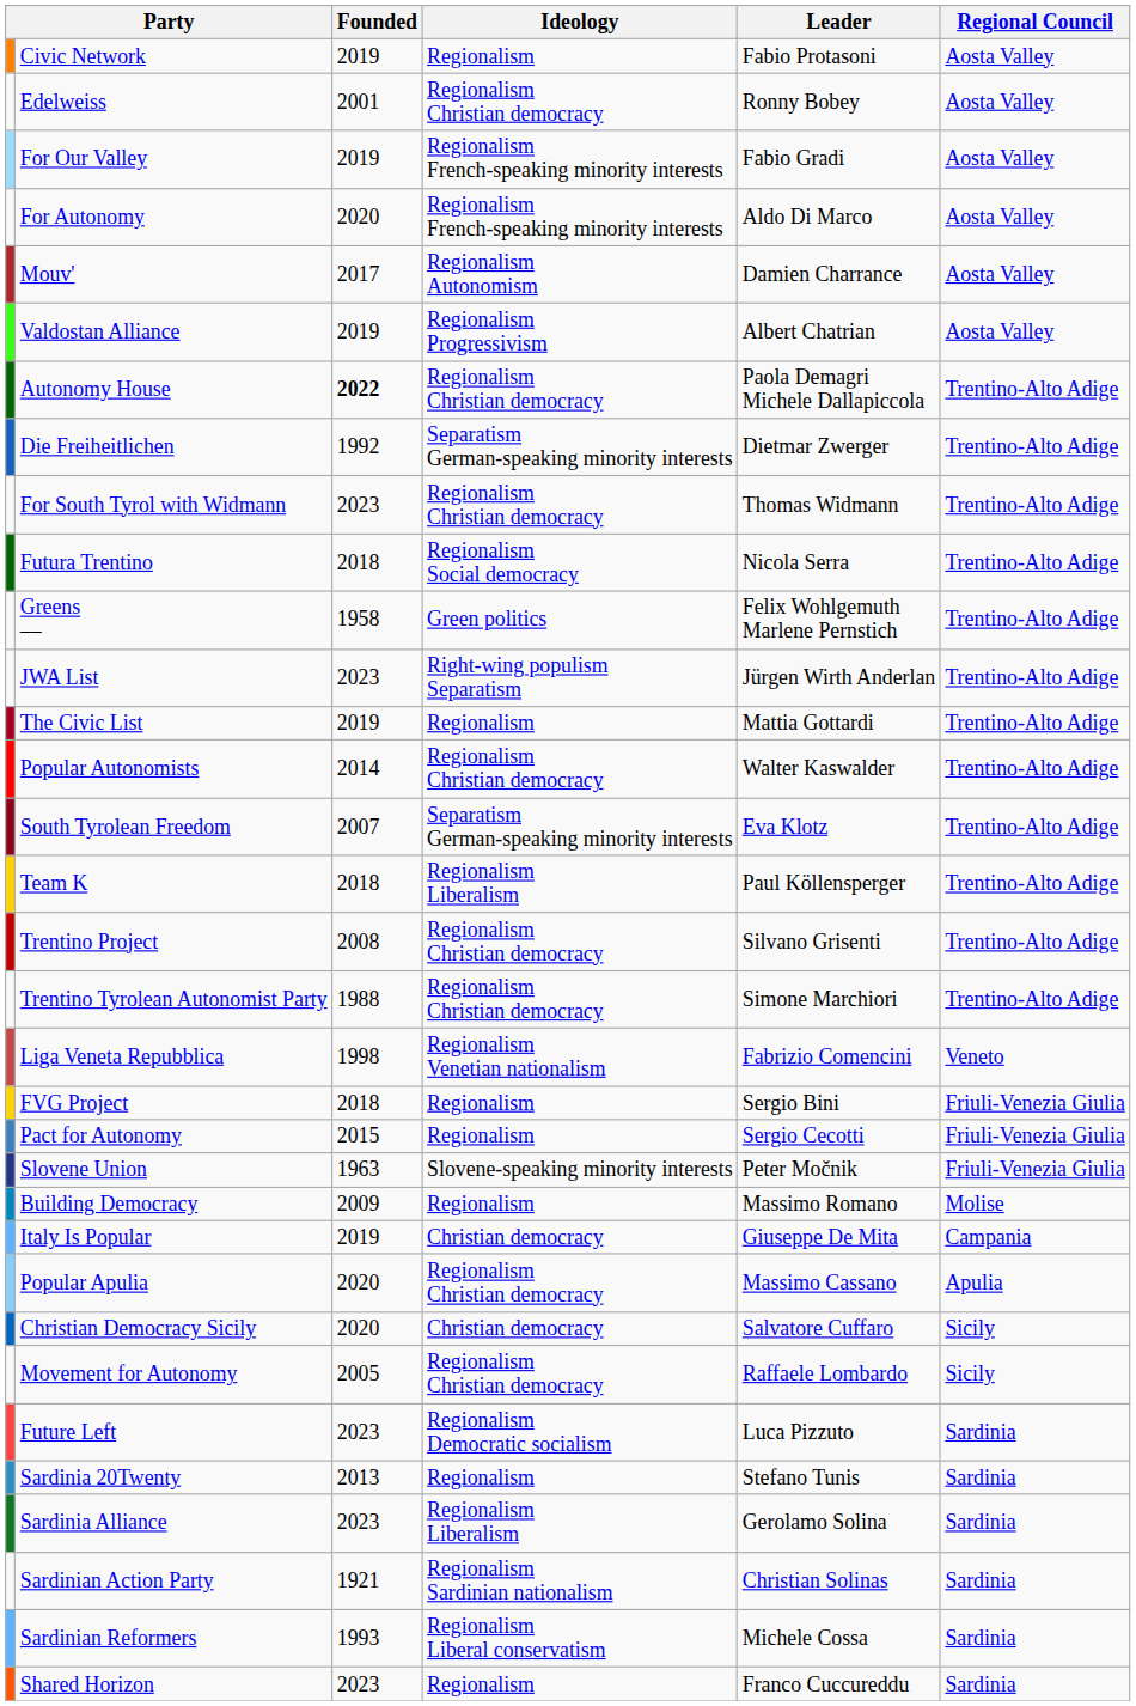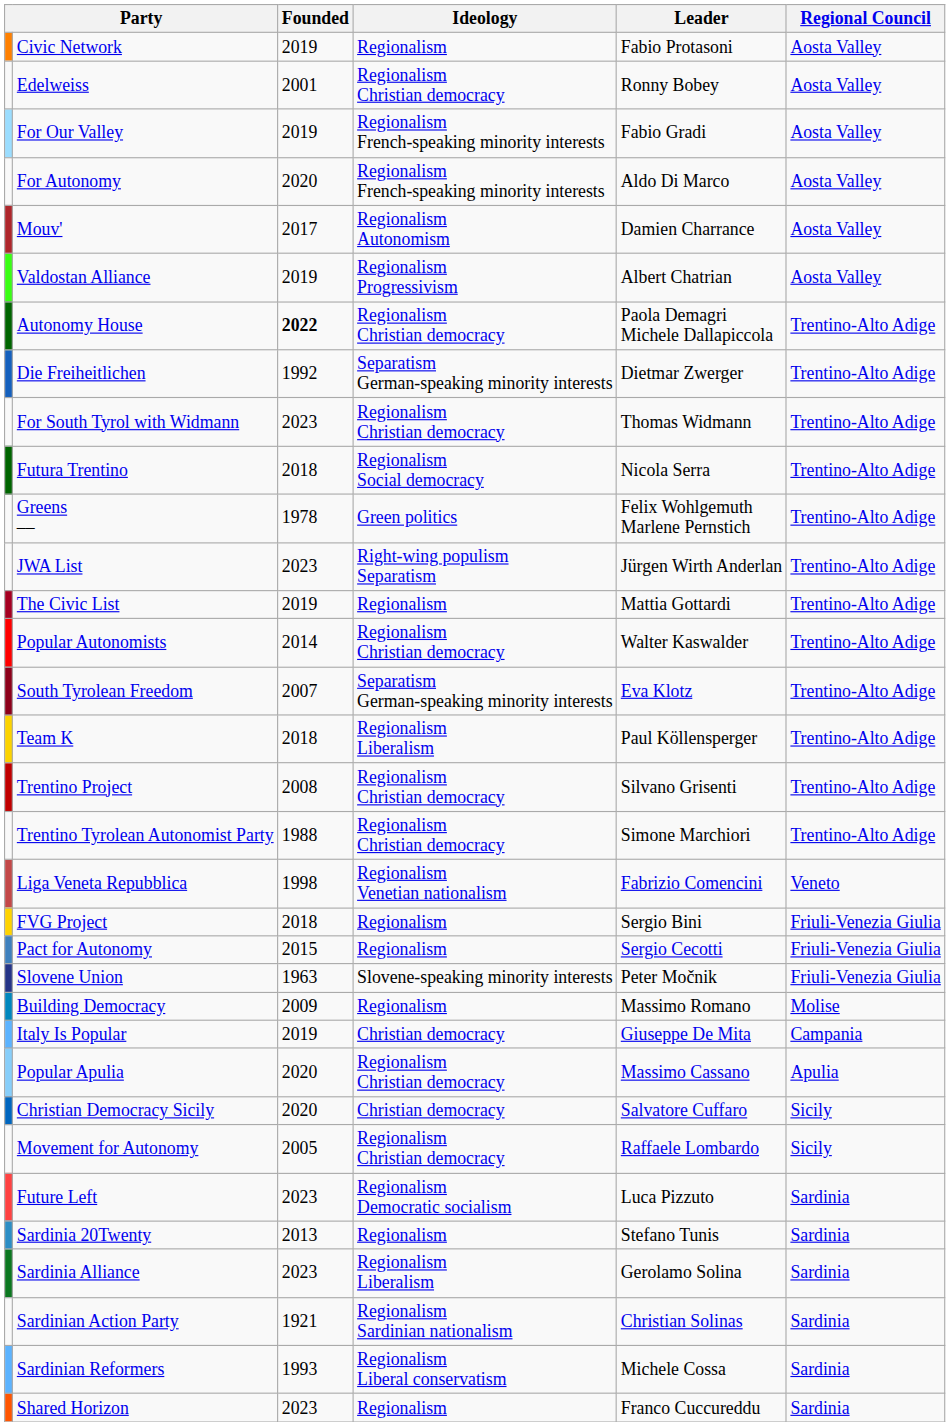 <table class="wikitable">
 <tr>
 <th colspan=2>Party</th>
 <th>Founded</th>
 <th>Ideology</th>
 <th>Leader</th>
 <th><a href='#'>Regional Council</a></th>
 </tr>
 <tr>
 <td bgcolor="#FF8000"></td>
 <td><a href='#'>Civic Network</a><br></td>
 <td>2019</td>
 <td><a href='#'>Regionalism</a></td>
 <td>Fabio Protasoni</td>
 <td><a href='#'>Aosta Valley</a></td>
 </tr>
 <tr>
 <td></td>
 <td><a href='#'>Edelweiss</a><br></td>
 <td>2001</td>
 <td><a href='#'>Regionalism</a><br><a href='#'>Christian democracy</a></td>
 <td>Ronny Bobey</td>
 <td><a href='#'>Aosta Valley</a></td>
 </tr>
 <tr>
 <td bgcolor="#9BDDFF"></td>
 <td><a href='#'>For Our Valley</a><br></td>
 <td>2019</td>
 <td><a href='#'>Regionalism</a><br>French-speaking minority interests</td>
 <td>Fabio Gradi</td>
 <td><a href='#'>Aosta Valley</a></td>
 </tr>
 <tr>
 <td></td>
 <td><a href='#'>For Autonomy</a><br></td>
 <td>2020</td>
 <td><a href='#'>Regionalism</a><br>French-speaking minority interests</td>
 <td>Aldo Di Marco</td>
 <td><a href='#'>Aosta Valley</a></td>
 </tr>
 <tr>
 <td bgcolor="#AE262B"></td>
 <td><a href='#'>Mouv'</a></td>
 <td>2017</td>
 <td><a href='#'>Regionalism</a><br><a href='#'>Autonomism</a></td>
 <td>Damien Charrance</td>
 <td><a href='#'>Aosta Valley</a></td>
 </tr>
 <tr>
 <td bgcolor="#39FF14"></td>
 <td><a href='#'>Valdostan Alliance</a><br></td>
 <td>2019</td>
 <td><a href='#'>Regionalism</a><br><a href='#'>Progressivism</a></td>
 <td>Albert Chatrian</td>
 <td><a href='#'>Aosta Valley</a></td>
 </tr>
 <tr>
 <td bgcolor="#006400"></td>
 <td><a href='#'>Autonomy House</a><br></td>
 <td><strong>2022</strong></td>
 <td><a href='#'>Regionalism</a><br><a href='#'>Christian democracy</a></td>
 <td>Paola Demagri<br>Michele Dallapiccola</td>
 <td><a href='#'>Trentino-Alto Adige</a></td>
 </tr>
 <tr>
 <td bgcolor="#1560BD"></td>
 <td><a href='#'>Die Freiheitlichen</a></td>
 <td>1992</td>
 <td><a href='#'>Separatism</a><br>German-speaking minority interests</td>
 <td>Dietmar Zwerger</td>
 <td><a href='#'>Trentino-Alto Adige</a></td>
 </tr>
 <tr>
 <td bgcolor=></td>
 <td><a href='#'>For South Tyrol with Widmann</a><br></td>
 <td>2023</td>
 <td><a href='#'>Regionalism</a><br><a href='#'>Christian democracy</a></td>
 <td>Thomas Widmann</td>
 <td><a href='#'>Trentino-Alto Adige</a></td>
 </tr>
 <tr>
 <td bgcolor="#006400"></td>
 <td><a href='#'>Futura Trentino</a></td>
 <td>2018</td>
 <td><a href='#'>Regionalism</a><br><a href='#'>Social democracy</a></td>
 <td>Nicola Serra</td>
 <td><a href='#'>Trentino-Alto Adige</a></td>
 </tr>
 <tr>
 <td></td>
 <td><a href='#'>Greens</a><br>––</td>
-<td>1958</td>
+<td>1978</td>
 <td><a href='#'>Green politics</a></td>
 <td>Felix Wohlgemuth<br>Marlene Pernstich</td>
 <td><a href='#'>Trentino-Alto Adige</a></td>
 </tr>
 <tr>
 <td></td>
 <td><a href='#'>JWA List</a><br></td>
 <td>2023</td>
 <td><a href='#'>Right-wing populism</a><br><a href='#'>Separatism</a></td>
 <td>Jürgen Wirth Anderlan</td>
 <td><a href='#'>Trentino-Alto Adige</a></td>
 </tr>
 <tr>
 <td bgcolor="#A50021"></td>
 <td><a href='#'>The Civic List</a><br></td>
 <td>2019</td>
 <td><a href='#'>Regionalism</a></td>
 <td>Mattia Gottardi</td>
 <td><a href='#'>Trentino-Alto Adige</a></td>
 </tr>
 <tr>
 <td bgcolor="#FF0000"></td>
 <td><a href='#'>Popular Autonomists</a><br></td>
 <td>2014</td>
 <td><a href='#'>Regionalism</a><br><a href='#'>Christian democracy</a></td>
 <td>Walter Kaswalder</td>
 <td><a href='#'>Trentino-Alto Adige</a></td>
 </tr>
 <tr>
 <td bgcolor="#8C001A"></td>
 <td><a href='#'>South Tyrolean Freedom</a><br></td>
 <td>2007</td>
 <td><a href='#'>Separatism</a><br>German-speaking minority interests</td>
 <td><a href='#'>Eva Klotz</a></td>
 <td><a href='#'>Trentino-Alto Adige</a></td>
 </tr>
 <tr>
 <td bgcolor="#FCD300"></td>
 <td><a href='#'>Team K</a></td>
 <td>2018</td>
 <td><a href='#'>Regionalism</a><br><a href='#'>Liberalism</a></td>
 <td>Paul Köllensperger</td>
 <td><a href='#'>Trentino-Alto Adige</a></td>
 </tr>
 <tr>
 <td bgcolor="#C00000"></td>
 <td><a href='#'>Trentino Project</a><br></td>
 <td>2008</td>
 <td><a href='#'>Regionalism</a><br><a href='#'>Christian democracy</a></td>
 <td>Silvano Grisenti</td>
 <td><a href='#'>Trentino-Alto Adige</a></td>
 </tr>
 <tr>
 <td></td>
 <td><a href='#'>Trentino Tyrolean Autonomist Party</a><br></td>
 <td>1988</td>
 <td><a href='#'>Regionalism</a><br><a href='#'>Christian democracy</a></td>
 <td>Simone Marchiori</td>
 <td><a href='#'>Trentino-Alto Adige</a></td>
 </tr>
 <tr>
 <td bgcolor="#C34848"></td>
 <td><a href='#'>Liga Veneta Repubblica</a></td>
 <td>1998</td>
 <td><a href='#'>Regionalism</a><br><a href='#'>Venetian nationalism</a></td>
 <td><a href='#'>Fabrizio Comencini</a></td>
 <td><a href='#'>Veneto</a></td>
 </tr>
 <tr>
 <td bgcolor="#FFD300"></td>
 <td><a href='#'>FVG Project</a><br></td>
 <td>2018</td>
 <td><a href='#'>Regionalism</a></td>
 <td>Sergio Bini</td>
 <td><a href='#'>Friuli-Venezia Giulia</a></td>
 </tr>
 <tr>
 <td bgcolor="#3E80BD"></td>
 <td><a href='#'>Pact for Autonomy</a><br></td>
 <td>2015</td>
 <td><a href='#'>Regionalism</a></td>
 <td><a href='#'>Sergio Cecotti</a></td>
 <td><a href='#'>Friuli-Venezia Giulia</a></td>
 </tr>
 <tr>
 <td bgcolor="#253487"></td>
 <td><a href='#'>Slovene Union</a><br></td>
 <td>1963</td>
 <td>Slovene-speaking minority interests</td>
 <td>Peter Močnik</td>
 <td><a href='#'>Friuli-Venezia Giulia</a></td>
 </tr>
 <tr>
 <td bgcolor="#0087BD"></td>
 <td><a href='#'>Building Democracy</a><br></td>
 <td>2009</td>
 <td><a href='#'>Regionalism</a></td>
 <td>Massimo Romano</td>
 <td><a href='#'>Molise</a></td>
 </tr>
 <tr>
 <td bgcolor="#5CB3FF"></td>
 <td><a href='#'>Italy Is Popular</a><br></td>
 <td>2019</td>
 <td><a href='#'>Christian democracy</a></td>
 <td><a href='#'>Giuseppe De Mita</a></td>
 <td><a href='#'>Campania</a></td>
 </tr>
 <tr>
 <td bgcolor="#87CEFA"></td>
 <td><a href='#'>Popular Apulia</a><br></td>
 <td>2020</td>
 <td><a href='#'>Regionalism</a><br><a href='#'>Christian democracy</a></td>
 <td><a href='#'>Massimo Cassano</a></td>
 <td><a href='#'>Apulia</a></td>
 </tr>
 <tr>
 <td bgcolor="#0066BF"></td>
 <td><a href='#'>Christian Democracy Sicily</a><br></td>
 <td>2020</td>
 <td><a href='#'>Christian democracy</a></td>
 <td><a href='#'>Salvatore Cuffaro</a></td>
 <td><a href='#'>Sicily</a></td>
 </tr>
 <tr>
 <td></td>
 <td><a href='#'>Movement for Autonomy</a><br></td>
 <td>2005</td>
 <td><a href='#'>Regionalism</a><br><a href='#'>Christian democracy</a></td>
 <td><a href='#'>Raffaele Lombardo</a></td>
 <td><a href='#'>Sicily</a></td>
 </tr>
 <tr>
 <td bgcolor="#FF4242"></td>
 <td><a href='#'>Future Left</a><br></td>
 <td>2023</td>
 <td><a href='#'>Regionalism</a><br><a href='#'>Democratic socialism</a></td>
 <td>Luca Pizzuto</td>
 <td><a href='#'>Sardinia</a></td>
 </tr>
 <tr>
 <td bgcolor="#2d8ec5"></td>
 <td><a href='#'>Sardinia 20Twenty</a><br></td>
 <td>2013</td>
 <td><a href='#'>Regionalism</a></td>
 <td>Stefano Tunis</td>
 <td><a href='#'>Sardinia</a></td>
 </tr>
 <tr>
 <td bgcolor="##CC7722"></td>
 <td><a href='#'>Sardinia Alliance</a><br></td>
 <td>2023</td>
 <td><a href='#'>Regionalism</a><br><a href='#'>Liberalism</a></td>
 <td>Gerolamo Solina</td>
 <td><a href='#'>Sardinia</a></td>
 </tr>
 <tr>
 <td></td>
 <td><a href='#'>Sardinian Action Party</a><br></td>
 <td>1921</td>
 <td><a href='#'>Regionalism</a><br><a href='#'>Sardinian nationalism</a></td>
 <td><a href='#'>Christian Solinas</a></td>
 <td><a href='#'>Sardinia</a></td>
 </tr>
 <tr>
 <td bgcolor="#5CB3FF"></td>
 <td><a href='#'>Sardinian Reformers</a><br></td>
 <td>1993</td>
 <td><a href='#'>Regionalism</a><br><a href='#'>Liberal conservatism</a></td>
 <td>Michele Cossa</td>
 <td><a href='#'>Sardinia</a></td>
 </tr>
 <tr>
 <td bgcolor="#ff5500"></td>
 <td><a href='#'>Shared Horizon</a><br></td>
 <td>2023</td>
 <td><a href='#'>Regionalism</a></td>
 <td>Franco Cuccureddu</td>
 <td><a href='#'>Sardinia</a></td>
 </tr>
 </table>
